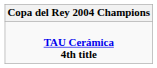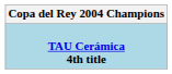 <table class=wikitable style="text-align:center; margin:auto">
 <tr>
 <th>Copa del Rey 2004 Champions</th>
 </tr>
 <tr>
-<td><br> <strong><a href='#'>TAU Cerámica</a></strong> <br> <strong>4th title</strong></td>
+<td style="background: lightblue;"><br> <strong><a href='#'>TAU Cerámica</a></strong> <br> <strong>4th title</strong></td>
 </tr>
 </table>
